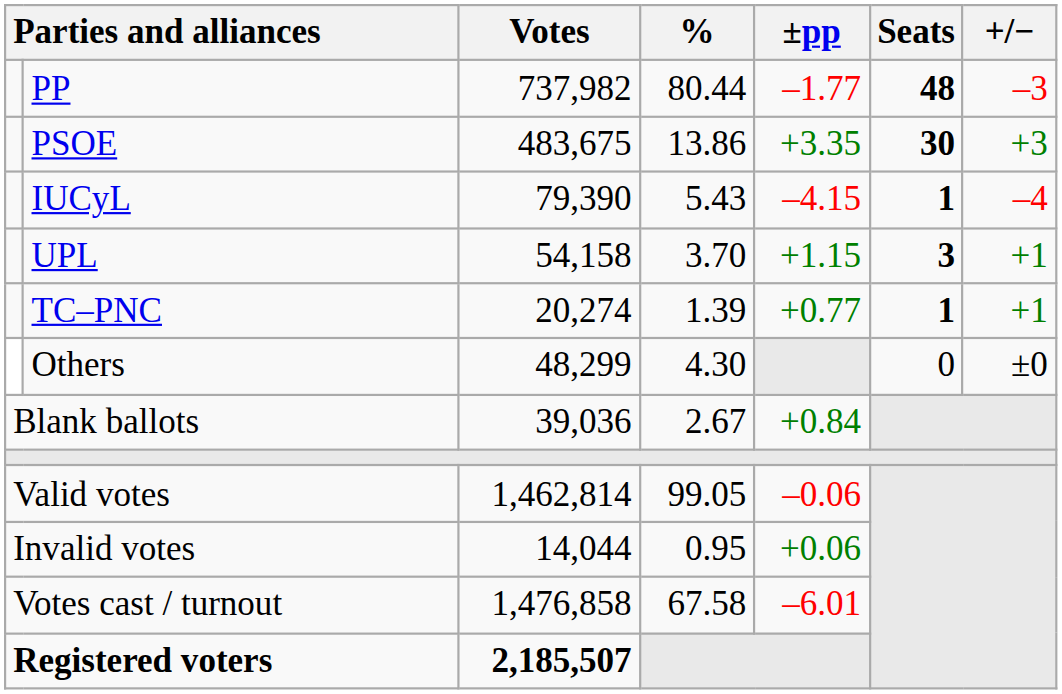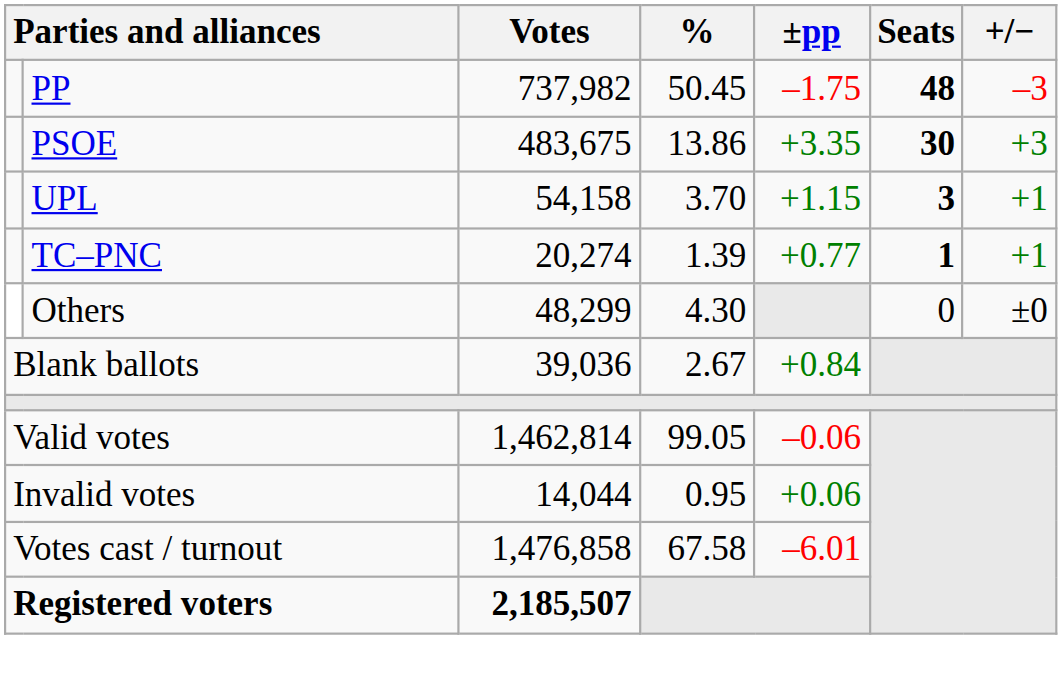 <table class="wikitable" style="text-align:right;">
 <tr>
 <th style="text-align:left;" colspan="2" width="200">Parties and alliances</th>
 <th width="75">Votes</th>
 <th width="45">%</th>
 <th width="45">±<a href='#'>pp</a></th>
 <th width="35">Seats</th>
 <th width="35">+/−</th>
 </tr>
 <tr>
 <td width="1" style="color:inherit;background:"></td>
 <td align="left"><a href='#'>PP</a></td>
 <td>737,982</td>
-<td>80.44</td>
-<td style="color:red;">–1.77</td>
+<td>50.45</td>
+<td style="color:red;">–1.75</td>
 <td><strong>48</strong></td>
 <td style="color:red;">–3</td>
 </tr>
 <tr>
 <td style="color:inherit;background:"></td>
 <td align="left"><a href='#'>PSOE</a></td>
 <td>483,675</td>
 <td>13.86</td>
 <td style="color:green;">+3.35</td>
 <td><strong>30</strong></td>
 <td style="color:green;">+3</td>
-</tr>
-<tr>
-<td style="color:inherit;background:"></td>
-<td align="left"><a href='#'>IUCyL</a></td>
-<td>79,390</td>
-<td>5.43</td>
-<td style="color:red;">–4.15</td>
-<td><strong>1</strong></td>
-<td style="color:red;">–4</td>
 </tr>
 <tr>
 <td style="color:inherit;background:"></td>
 <td align="left"><a href='#'>UPL</a></td>
 <td>54,158</td>
 <td>3.70</td>
 <td style="color:green;">+1.15</td>
 <td><strong>3</strong></td>
 <td style="color:green;">+1</td>
 </tr>
 <tr>
 <td style="color:inherit;background:"></td>
 <td align="left"><a href='#'>TC–PNC</a></td>
 <td>20,274</td>
 <td>1.39</td>
 <td style="color:green;">+0.77</td>
 <td><strong>1</strong></td>
 <td style="color:green;">+1</td>
 </tr>
 <tr>
 <td bgcolor="white"></td>
 <td align="left">Others</td>
 <td>48,299</td>
 <td>4.30</td>
 <td bgcolor="#E9E9E9"></td>
 <td>0</td>
 <td>±0</td>
 </tr>
 <tr>
 <td align="left" colspan="2">Blank ballots</td>
 <td>39,036</td>
 <td>2.67</td>
 <td style="color:green;">+0.84</td>
 <td bgcolor="#E9E9E9" colspan="2"></td>
 </tr>
 <tr>
 <td colspan="7" bgcolor="#E9E9E9"></td>
 </tr>
 <tr>
 <td align="left" colspan="2">Valid votes</td>
 <td>1,462,814</td>
 <td>99.05</td>
 <td style="color:red;">–0.06</td>
 <td bgcolor="#E9E9E9" colspan="2" rowspan="4"></td>
 </tr>
 <tr>
 <td align="left" colspan="2">Invalid votes</td>
 <td>14,044</td>
 <td>0.95</td>
 <td style="color:green;">+0.06</td>
 </tr>
 <tr>
 <td align="left" colspan="2">Votes cast / turnout</td>
 <td>1,476,858</td>
 <td>67.58</td>
 <td style="color:red;">–6.01</td>
 </tr>
 <tr style="font-weight:bold;">
 <td align="left" colspan="2">Registered voters</td>
 <td>2,185,507</td>
 <td bgcolor="#E9E9E9" colspan="2"></td>
 </tr>
 </table>
